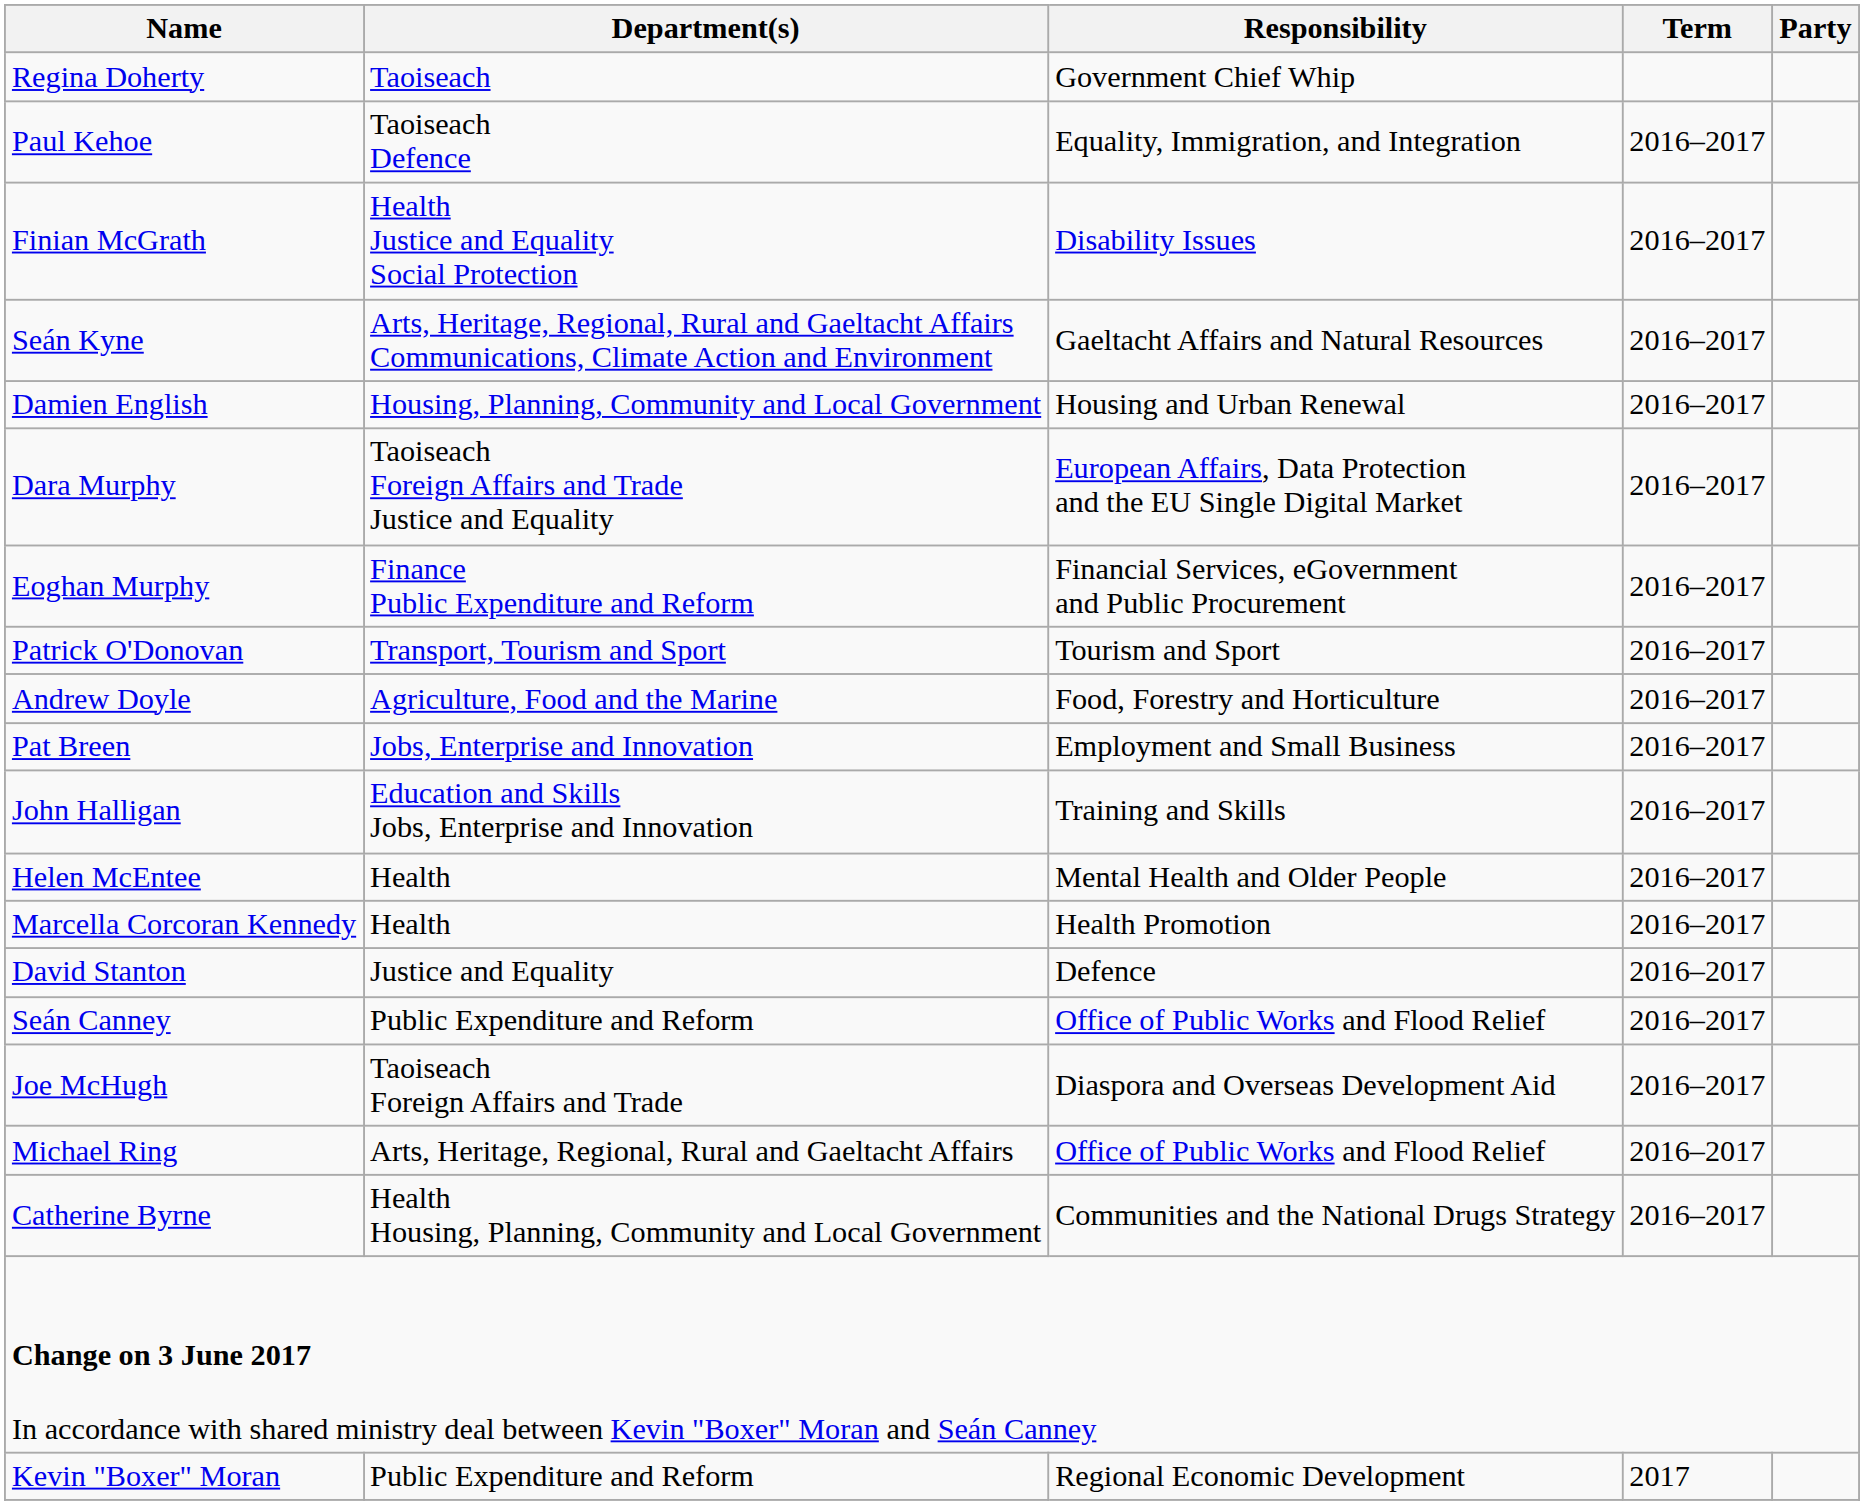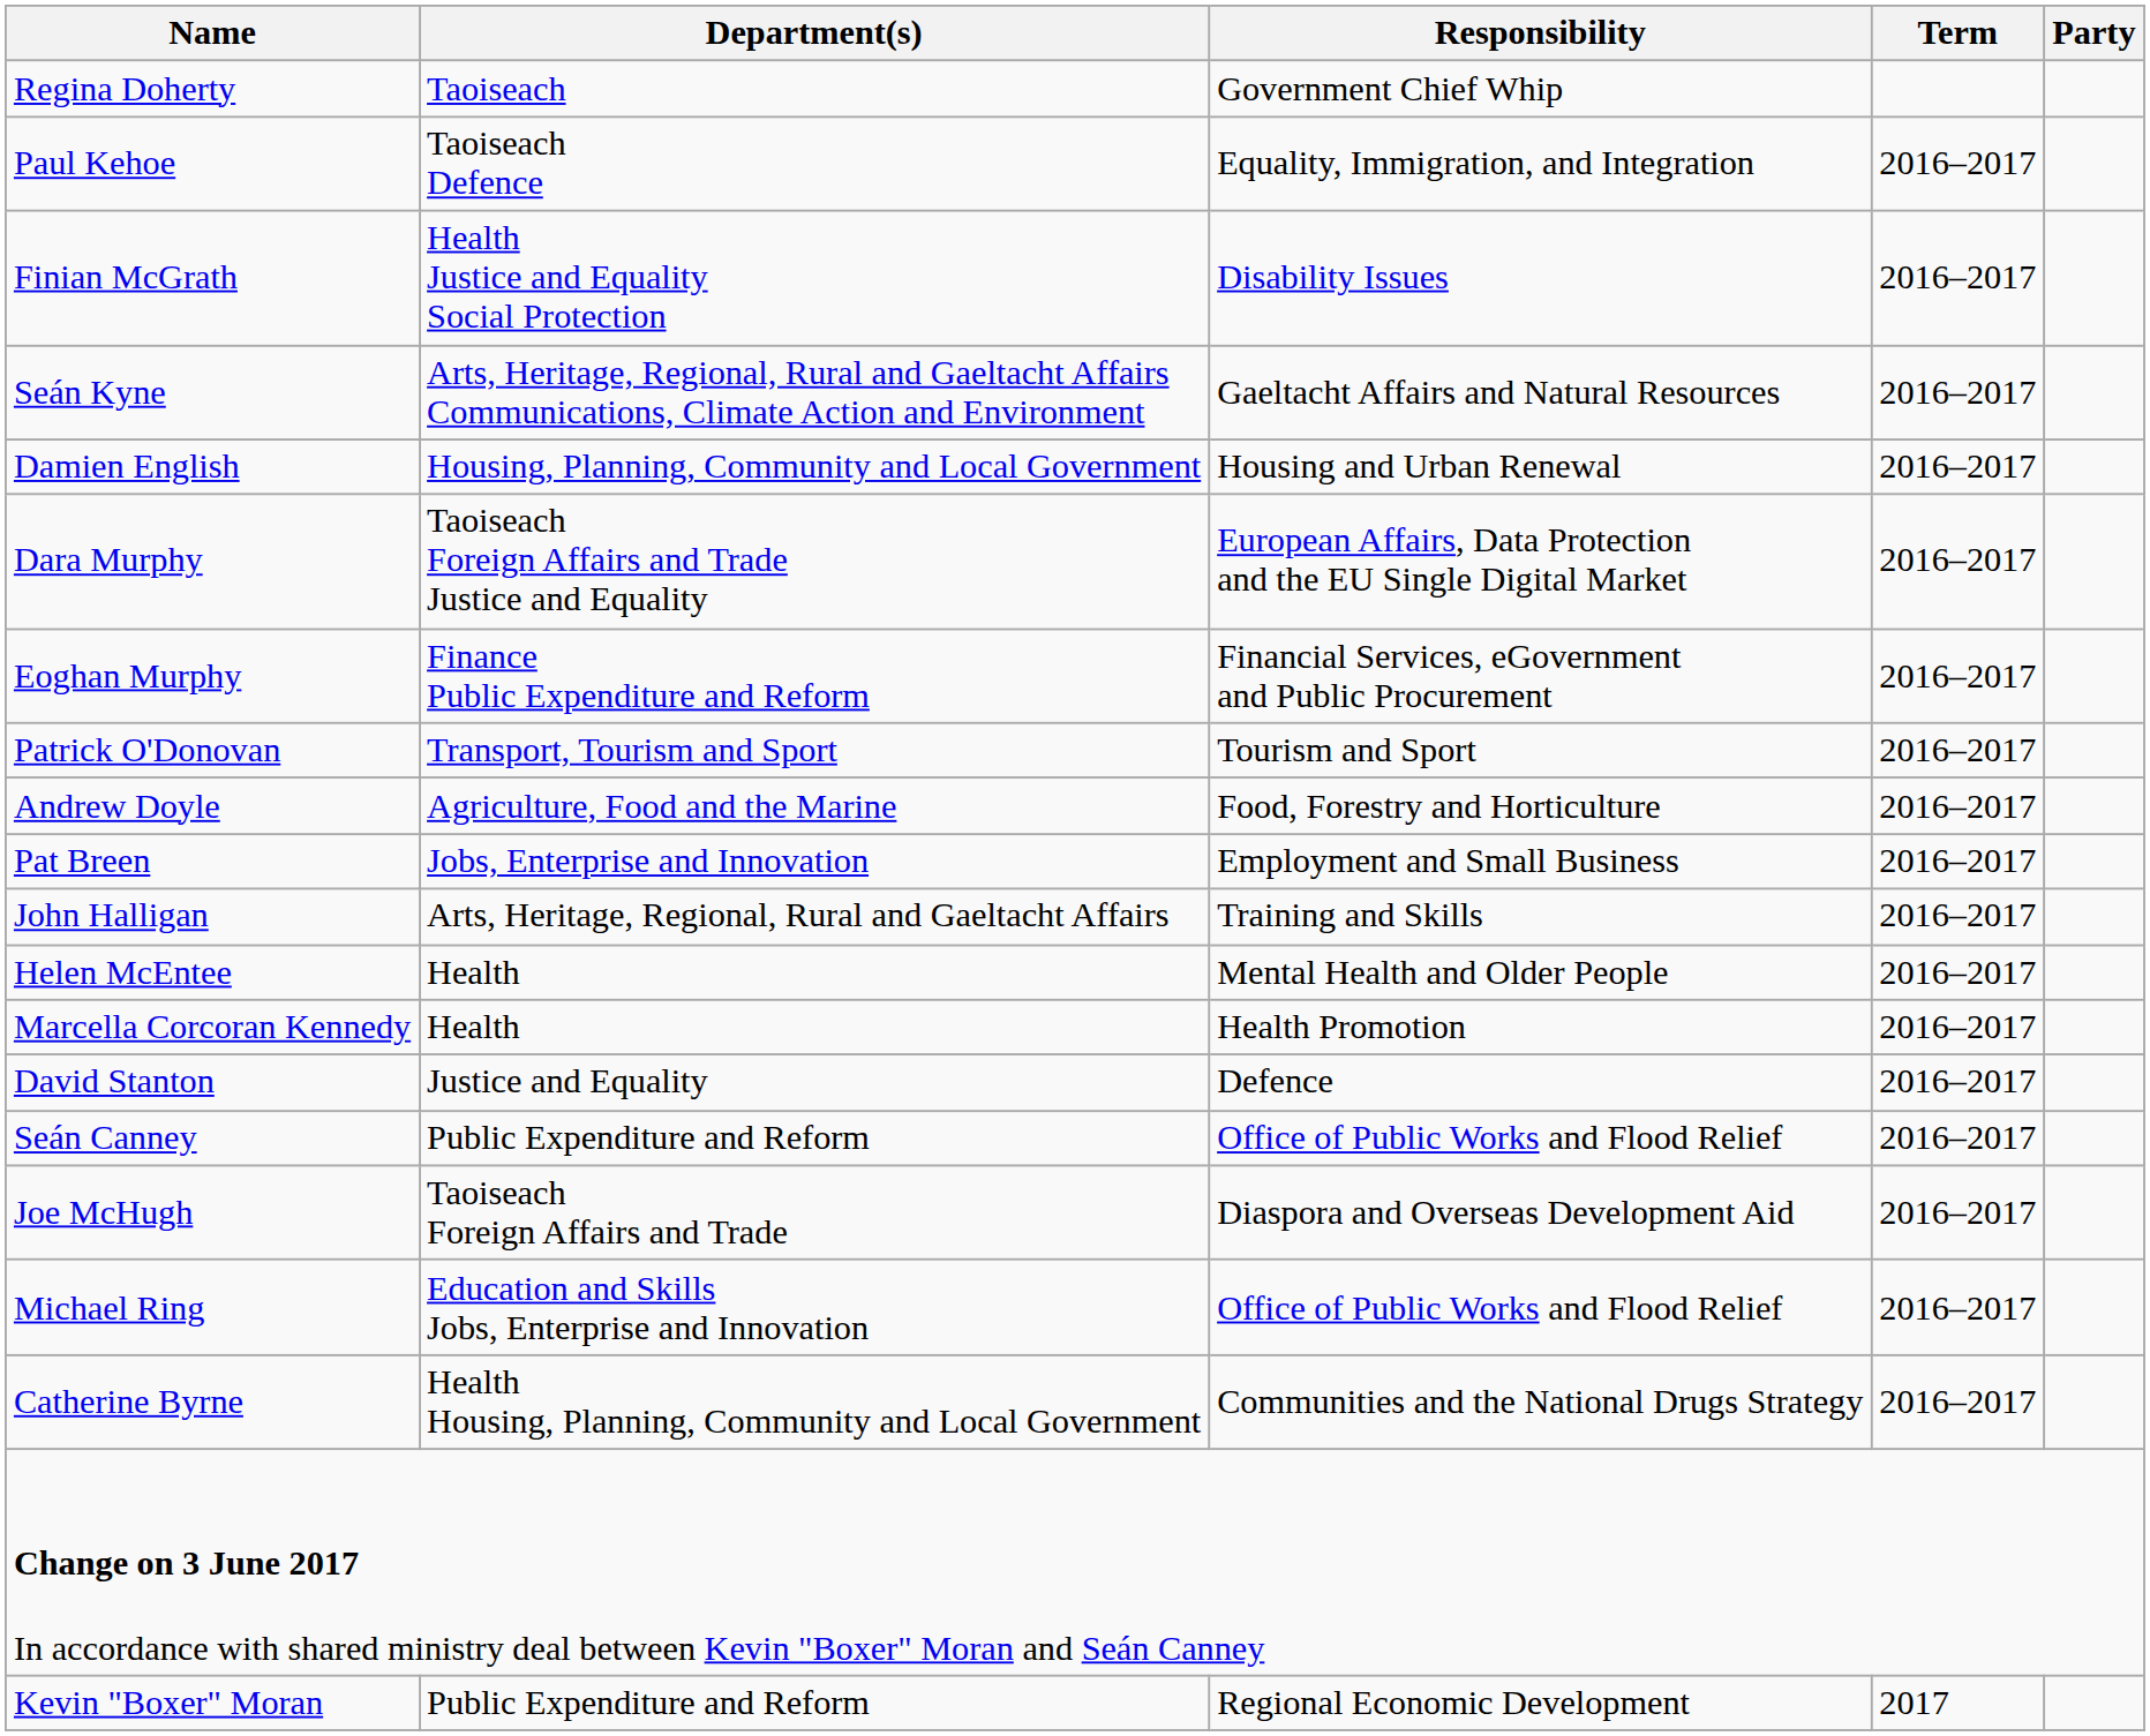 <table class="wikitable">
 <tr>
 <th>Name</th>
 <th>Department(s)</th>
 <th>Responsibility</th>
 <th>Term</th>
 <th colspan=2>Party</th>
 </tr>
 <tr>
 <td><a href='#'>Regina Doherty</a><br></td>
 <td><a href='#'>Taoiseach</a></td>
 <td>Government Chief Whip</td>
 <td></td>
 <td></td>
 </tr>
 <tr>
 <td><a href='#'>Paul Kehoe</a><br></td>
 <td>Taoiseach<br><a href='#'>Defence</a></td>
 <td>Equality, Immigration, and Integration</td>
 <td>2016–2017</td>
 <td></td>
 </tr>
 <tr>
 <td><a href='#'>Finian McGrath</a><br></td>
 <td><a href='#'>Health</a><br><a href='#'>Justice and Equality</a><br><a href='#'>Social Protection</a></td>
 <td><a href='#'>Disability Issues</a></td>
 <td>2016–2017</td>
 <td></td>
 </tr>
 <tr>
 <td><a href='#'>Seán Kyne</a></td>
 <td><a href='#'>Arts, Heritage, Regional, Rural and Gaeltacht Affairs</a><br><a href='#'>Communications, Climate Action and Environment</a></td>
 <td>Gaeltacht Affairs and Natural Resources</td>
 <td>2016–2017</td>
 <td></td>
 </tr>
 <tr>
 <td><a href='#'>Damien English</a></td>
 <td><a href='#'>Housing, Planning, Community and Local Government</a></td>
 <td>Housing and Urban Renewal</td>
 <td>2016–2017</td>
 <td></td>
 </tr>
 <tr>
 <td><a href='#'>Dara Murphy</a></td>
 <td>Taoiseach<br><a href='#'>Foreign Affairs and Trade</a><br>Justice and Equality</td>
 <td><a href='#'>European Affairs</a>, Data Protection<br>and the EU Single Digital Market</td>
 <td>2016–2017</td>
 <td></td>
 </tr>
 <tr>
 <td><a href='#'>Eoghan Murphy</a></td>
 <td><a href='#'>Finance</a><br><a href='#'>Public Expenditure and Reform</a></td>
 <td>Financial Services, eGovernment<br>and Public Procurement</td>
 <td>2016–2017</td>
 <td></td>
 </tr>
 <tr>
 <td><a href='#'>Patrick O'Donovan</a></td>
 <td><a href='#'>Transport, Tourism and Sport</a></td>
 <td>Tourism and Sport</td>
 <td>2016–2017</td>
 <td></td>
 </tr>
 <tr>
 <td><a href='#'>Andrew Doyle</a></td>
 <td><a href='#'>Agriculture, Food and the Marine</a></td>
 <td>Food, Forestry and Horticulture</td>
 <td>2016–2017</td>
 <td></td>
 </tr>
 <tr>
 <td><a href='#'>Pat Breen</a></td>
 <td><a href='#'>Jobs, Enterprise and Innovation</a></td>
 <td>Employment and Small Business</td>
 <td>2016–2017</td>
 <td></td>
 </tr>
 <tr>
 <td><a href='#'>John Halligan</a></td>
-<td><a href='#'>Education and Skills</a><br>Jobs, Enterprise and Innovation</td>
+<td>Arts, Heritage, Regional, Rural and Gaeltacht Affairs</td>
 <td>Training and Skills</td>
 <td>2016–2017</td>
 <td></td>
 </tr>
 <tr>
 <td><a href='#'>Helen McEntee</a></td>
 <td>Health</td>
 <td>Mental Health and Older People</td>
 <td>2016–2017</td>
 <td></td>
 </tr>
 <tr>
 <td><a href='#'>Marcella Corcoran Kennedy</a></td>
 <td>Health</td>
 <td>Health Promotion</td>
 <td>2016–2017</td>
 <td></td>
 </tr>
 <tr>
 <td><a href='#'>David Stanton</a></td>
 <td>Justice and Equality</td>
 <td>Defence</td>
 <td>2016–2017</td>
 <td></td>
 </tr>
 <tr>
 <td><a href='#'>Seán Canney</a></td>
 <td>Public Expenditure and Reform</td>
 <td><a href='#'>Office of Public Works</a> and Flood Relief</td>
 <td>2016–2017</td>
 <td></td>
 </tr>
 <tr>
 <td><a href='#'>Joe McHugh</a></td>
 <td>Taoiseach<br>Foreign Affairs and Trade</td>
 <td>Diaspora and Overseas Development Aid</td>
 <td>2016–2017</td>
 <td></td>
 </tr>
 <tr>
 <td><a href='#'>Michael Ring</a></td>
-<td>Arts, Heritage, Regional, Rural and Gaeltacht Affairs</td>
+<td><a href='#'>Education and Skills</a><br>Jobs, Enterprise and Innovation</td>
 <td><a href='#'>Office of Public Works</a> and Flood Relief</td>
 <td>2016–2017</td>
 <td></td>
 </tr>
 <tr>
 <td><a href='#'>Catherine Byrne</a></td>
 <td>Health<br>Housing, Planning, Community and Local Government</td>
 <td>Communities and the National Drugs Strategy</td>
 <td>2016–2017</td>
 <td></td>
 </tr>
 <tr>
 <td colspan=6><br><h4>Change on 3 June 2017</h4>In accordance with shared ministry deal between <a href='#'>Kevin "Boxer" Moran</a> and <a href='#'>Seán Canney</a></td>
 </tr>
 <tr>
 <td><a href='#'>Kevin "Boxer" Moran</a></td>
 <td>Public Expenditure and Reform</td>
 <td>Regional Economic Development</td>
 <td>2017</td>
 <td></td>
 </tr>
 </table>
